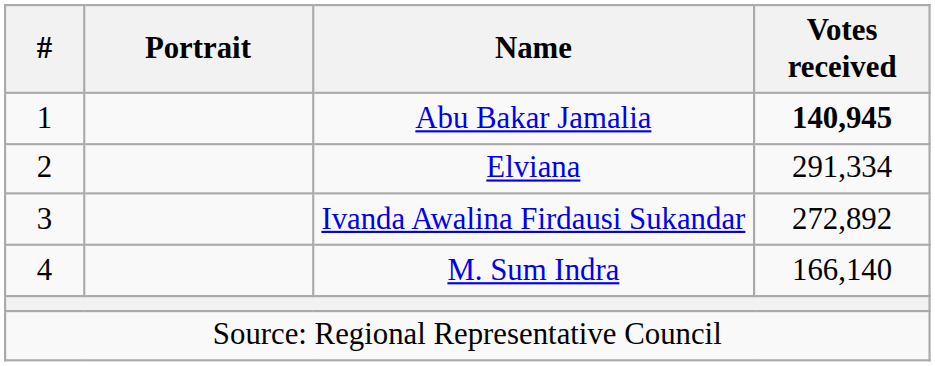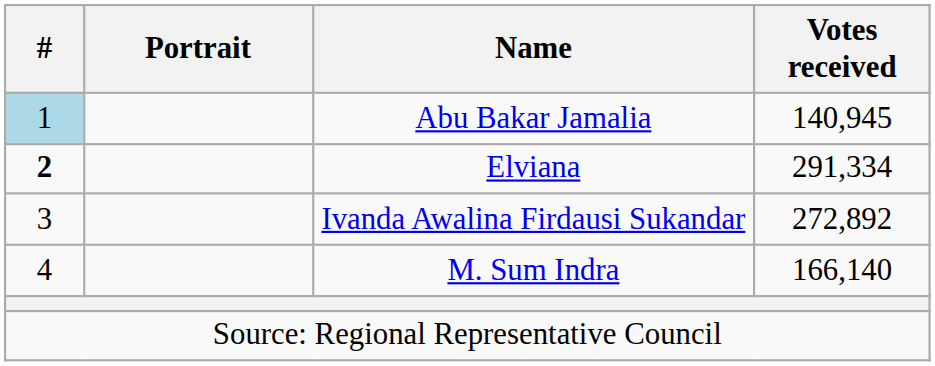 <table class="wikitable sortable" style="text-align:center; font-size: 0.9em;">
 <tr>
 <th width="30">#</th>
 <th width="100">Portrait</th>
 <th width="200">Name</th>
 <th width="75">Votes received</th>
 </tr>
 <tr>
-<td>1</td>
+<td style="background: lightblue;">1</td>
 <td></td>
 <td><a href='#'>Abu Bakar Jamalia</a></td>
-<td><strong>140,945</strong></td>
+<td>140,945</td>
 </tr>
 <tr>
-<td>2</td>
+<td><strong>2</strong></td>
 <td></td>
 <td><a href='#'>Elviana</a></td>
 <td>291,334</td>
 </tr>
 <tr>
 <td>3</td>
 <td></td>
 <td><a href='#'>Ivanda Awalina Firdausi Sukandar</a></td>
 <td>272,892</td>
 </tr>
 <tr>
 <td>4</td>
 <td></td>
 <td><a href='#'>M. Sum Indra</a></td>
 <td>166,140</td>
 </tr>
 <tr>
 <th colspan="8"></th>
 </tr>
 <tr>
 <td colspan="8">Source: Regional Representative Council</td>
 </tr>
 </table>
